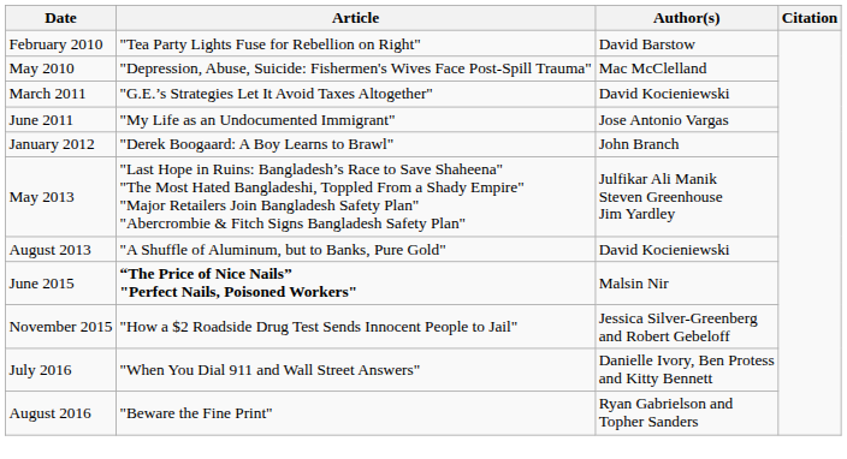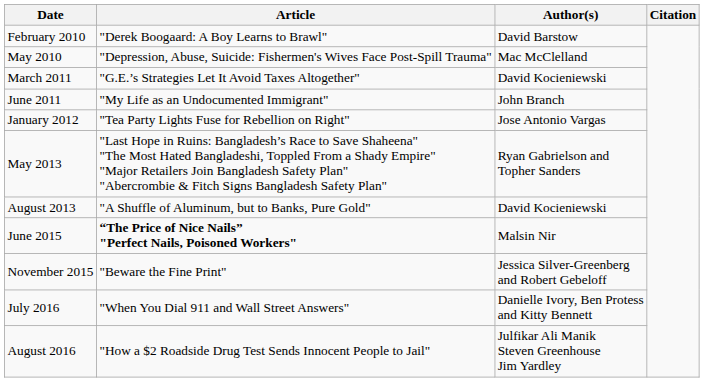 <table class="wikitable">
 <tr>
 <th>Date</th>
 <th>Article</th>
 <th>Author(s)</th>
 <th>Citation</th>
 </tr>
 <tr>
 <td>February 2010</td>
-<td>"Tea Party Lights Fuse for Rebellion on Right"</td>
+<td>"Derek Boogaard: A Boy Learns to Brawl"</td>
 <td>David Barstow</td>
 <td rowspan="11"></td>
 </tr>
 <tr>
 <td>May 2010</td>
 <td>"Depression, Abuse, Suicide: Fishermen's Wives Face Post-Spill Trauma"</td>
 <td>Mac McClelland</td>
 </tr>
 <tr>
 <td>March 2011</td>
 <td>"G.E.’s Strategies Let It Avoid Taxes Altogether"</td>
 <td>David Kocieniewski</td>
 </tr>
 <tr>
 <td>June 2011</td>
 <td>"My Life as an Undocumented Immigrant"</td>
-<td>Jose Antonio Vargas</td>
+<td>John Branch</td>
 </tr>
 <tr>
 <td>January 2012</td>
-<td>"Derek Boogaard: A Boy Learns to Brawl"</td>
-<td>John Branch</td>
+<td>"Tea Party Lights Fuse for Rebellion on Right"</td>
+<td>Jose Antonio Vargas</td>
 </tr>
 <tr>
 <td>May 2013</td>
 <td>"Last Hope in Ruins: Bangladesh’s Race to Save Shaheena"<br>"The Most Hated Bangladeshi, Toppled From a Shady Empire"<br>"Major Retailers Join Bangladesh Safety Plan"<br>"Abercrombie & Fitch Signs Bangladesh Safety Plan"</td>
-<td>Julfikar Ali Manik<br>Steven Greenhouse<br>Jim Yardley</td>
+<td>Ryan Gabrielson and<br>Topher Sanders</td>
 </tr>
 <tr>
 <td>August 2013</td>
 <td>"A Shuffle of Aluminum, but to Banks, Pure Gold"</td>
 <td>David Kocieniewski</td>
 </tr>
 <tr>
 <td>June 2015</td>
 <td><strong>“The Price of Nice Nails”<br>"Perfect Nails, Poisoned Workers"</strong></td>
 <td>Malsin Nir</td>
 </tr>
 <tr>
 <td>November 2015</td>
-<td>"How a $2 Roadside Drug Test Sends Innocent People to Jail"</td>
+<td>"Beware the Fine Print"</td>
 <td>Jessica Silver-Greenberg<br>and Robert Gebeloff</td>
 </tr>
 <tr>
 <td>July 2016</td>
 <td>"When You Dial 911 and Wall Street Answers"</td>
 <td>Danielle Ivory, Ben Protess<br>and Kitty Bennett</td>
 </tr>
 <tr>
 <td>August 2016</td>
-<td>"Beware the Fine Print"</td>
-<td>Ryan Gabrielson and<br>Topher Sanders</td>
+<td>"How a $2 Roadside Drug Test Sends Innocent People to Jail"</td>
+<td>Julfikar Ali Manik<br>Steven Greenhouse<br>Jim Yardley</td>
 </tr>
 </table>
